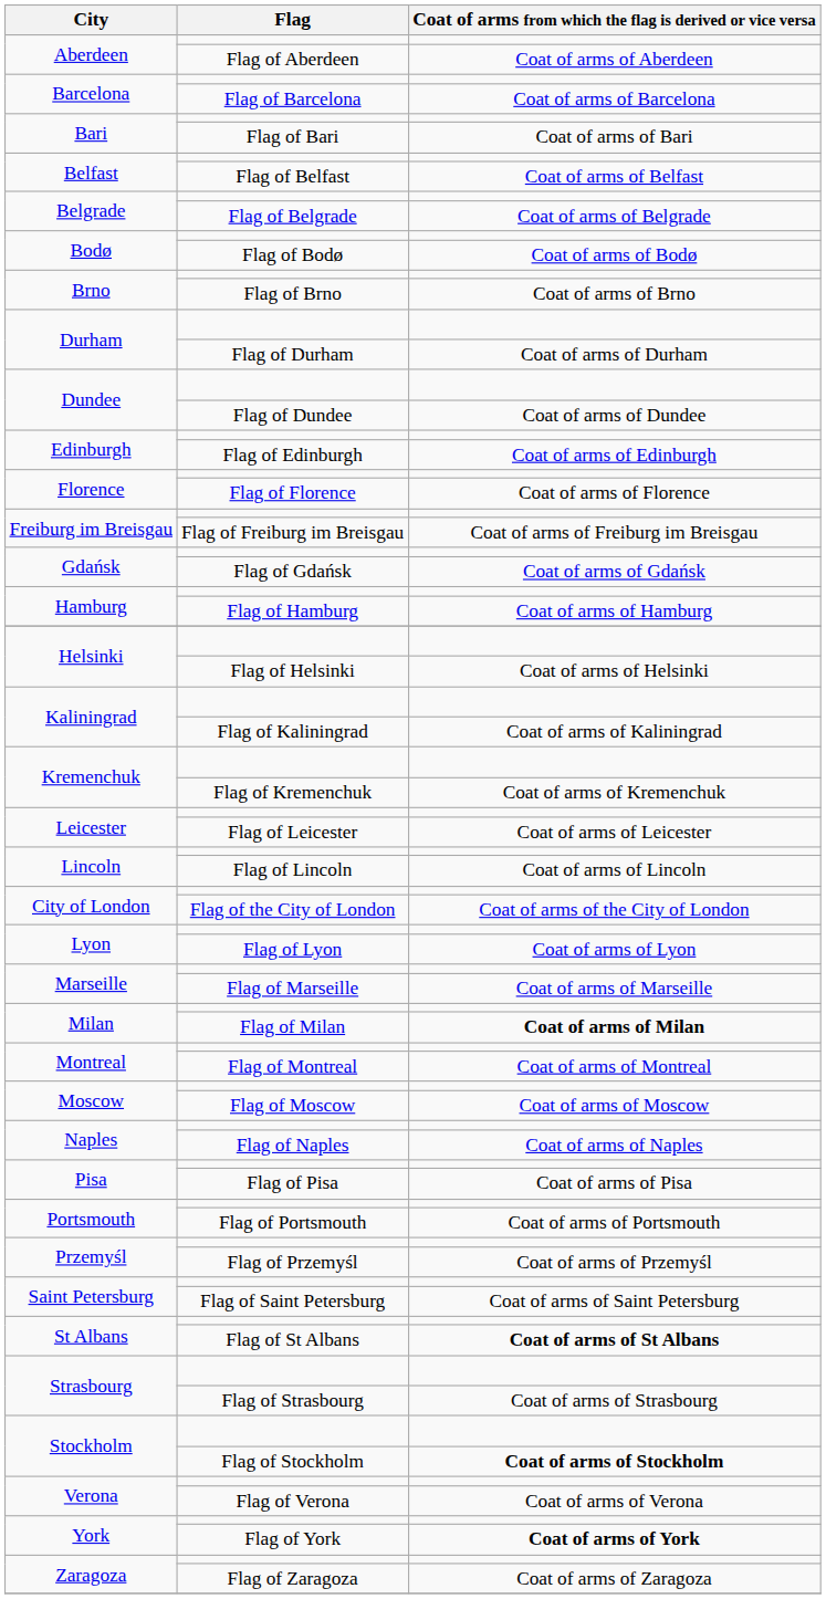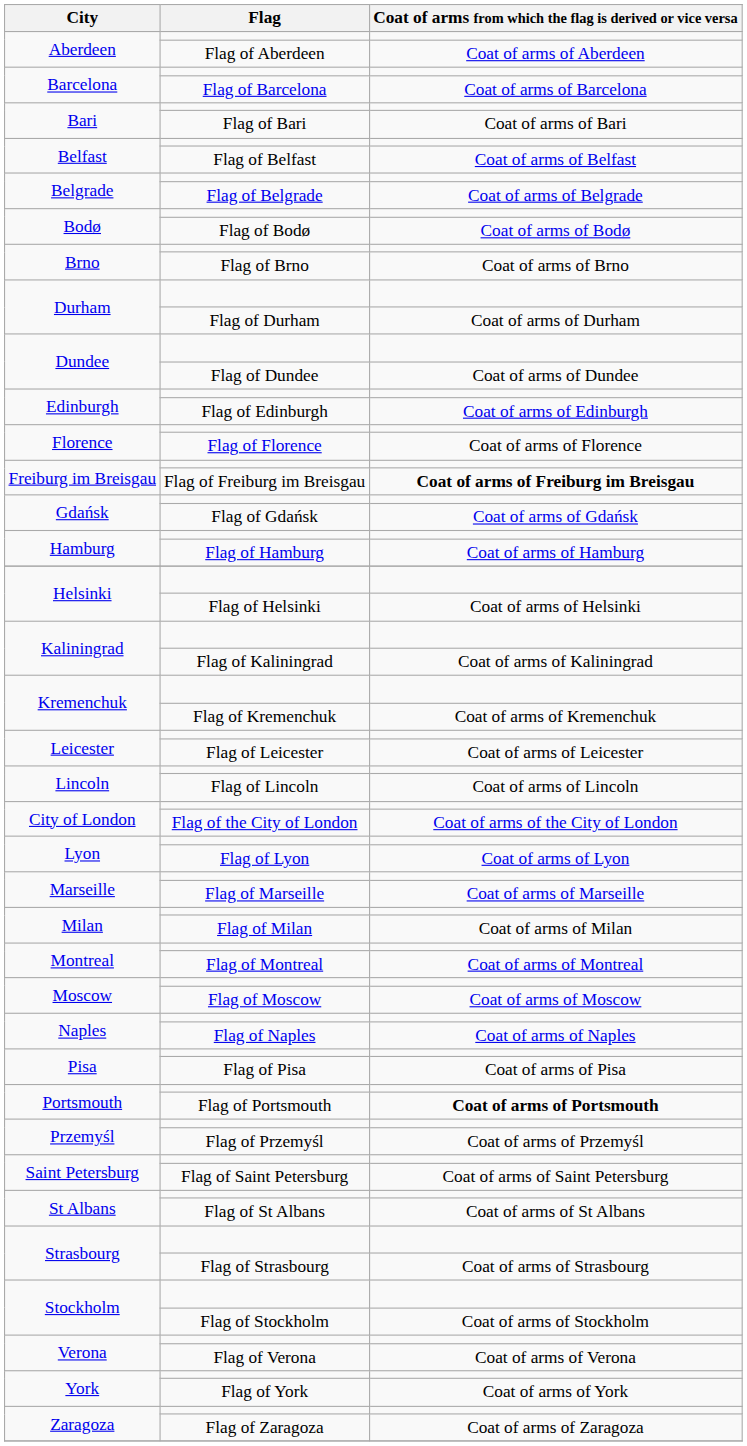 <table class="wikitable" style=text-align:center;>
 <tr>
 <th>City</th>
 <th>Flag</th>
 <th>Coat of arms <small>from which the flag is derived or vice versa</small></th>
 </tr>
 <tr>
 <td rowspan=2><a href='#'>Aberdeen</a></td>
 <td></td>
 <td></td>
 </tr>
 <tr>
 <td>Flag of Aberdeen</td>
 <td><a href='#'>Coat of arms of Aberdeen</a></td>
 </tr>
 <tr>
 <td rowspan=2><a href='#'>Barcelona</a></td>
 <td></td>
 <td></td>
 </tr>
 <tr>
 <td><a href='#'>Flag of Barcelona</a></td>
 <td><a href='#'>Coat of arms of Barcelona</a></td>
 </tr>
 <tr>
 <td rowspan=2><a href='#'>Bari</a></td>
 <td></td>
 <td></td>
 </tr>
 <tr>
 <td>Flag of Bari</td>
 <td>Coat of arms of Bari</td>
 </tr>
 <tr>
 <td rowspan=2><a href='#'>Belfast</a></td>
 <td></td>
 <td></td>
 </tr>
 <tr>
 <td>Flag of Belfast</td>
 <td><a href='#'>Coat of arms of Belfast</a></td>
 </tr>
 <tr>
 <td rowspan=2><a href='#'>Belgrade</a></td>
 <td></td>
 <td></td>
 </tr>
 <tr>
 <td><a href='#'>Flag of Belgrade</a></td>
 <td><a href='#'>Coat of arms of Belgrade</a></td>
 </tr>
 <tr>
 <td rowspan=2><a href='#'>Bodø</a></td>
 <td></td>
 <td></td>
 </tr>
 <tr>
 <td>Flag of Bodø</td>
 <td><a href='#'>Coat of arms of Bodø</a></td>
 </tr>
 <tr>
 <td rowspan=2><a href='#'>Brno</a></td>
 <td></td>
 <td></td>
 </tr>
 <tr>
 <td>Flag of Brno</td>
 <td>Coat of arms of Brno</td>
 </tr>
 <tr>
 <td rowspan=2><a href='#'>Durham</a></td>
 <td></td>
 <td><br></td>
 </tr>
 <tr>
 <td>Flag of Durham</td>
 <td>Coat of arms of Durham</td>
 </tr>
 <tr>
 <td rowspan=2><a href='#'>Dundee</a></td>
 <td></td>
 <td><br></td>
 </tr>
 <tr>
 <td>Flag of Dundee</td>
 <td>Coat of arms of Dundee</td>
 </tr>
 <tr>
 <td rowspan=2><a href='#'>Edinburgh</a></td>
 <td></td>
 <td></td>
 </tr>
 <tr>
 <td>Flag of Edinburgh</td>
 <td><a href='#'>Coat of arms of Edinburgh</a></td>
 </tr>
 <tr>
 <td rowspan=2><a href='#'>Florence</a></td>
 <td></td>
 <td></td>
 </tr>
 <tr>
 <td><a href='#'>Flag of Florence</a></td>
 <td>Coat of arms of Florence</td>
 </tr>
 <tr>
 <td rowspan=2><a href='#'>Freiburg im Breisgau</a></td>
 <td></td>
 <td></td>
 </tr>
 <tr>
 <td>Flag of Freiburg im Breisgau</td>
-<td>Coat of arms of Freiburg im Breisgau</td>
+<td><strong>Coat of arms of Freiburg im Breisgau</strong></td>
 </tr>
 <tr>
 <td rowspan=2><a href='#'>Gdańsk</a></td>
 <td></td>
 <td></td>
 </tr>
 <tr>
 <td>Flag of Gdańsk</td>
 <td><a href='#'>Coat of arms of Gdańsk</a></td>
 </tr>
 <tr>
 <td rowspan=2><a href='#'>Hamburg</a></td>
 <td></td>
 <td></td>
 </tr>
 <tr>
 <td><a href='#'>Flag of Hamburg</a></td>
 <td><a href='#'>Coat of arms of Hamburg</a></td>
 </tr>
 <tr>
 </tr>
 <tr>
 <td rowspan=2><a href='#'>Helsinki</a></td>
 <td></td>
 <td><br></td>
 </tr>
 <tr>
 <td>Flag of Helsinki</td>
 <td>Coat of arms of Helsinki</td>
 </tr>
 <tr>
 <td rowspan=2><a href='#'>Kaliningrad</a></td>
 <td></td>
 <td><br></td>
 </tr>
 <tr>
 <td>Flag of Kaliningrad</td>
 <td>Coat of arms of Kaliningrad</td>
 </tr>
 <tr>
 <td rowspan=2><a href='#'>Kremenchuk</a></td>
 <td></td>
 <td><br></td>
 </tr>
 <tr>
 <td>Flag of Kremenchuk</td>
 <td>Coat of arms of Kremenchuk</td>
 </tr>
 <tr>
 <td rowspan=2><a href='#'>Leicester</a></td>
 <td></td>
 <td></td>
 </tr>
 <tr>
 <td>Flag of Leicester</td>
 <td>Coat of arms of Leicester</td>
 </tr>
 <tr>
 <td rowspan=2><a href='#'>Lincoln</a></td>
 <td></td>
 <td></td>
 </tr>
 <tr>
 <td>Flag of Lincoln</td>
 <td>Coat of arms of Lincoln</td>
 </tr>
 <tr>
 <td rowspan=2><a href='#'>City of London</a></td>
 <td></td>
 <td></td>
 </tr>
 <tr>
 <td><a href='#'>Flag of the City of London</a></td>
 <td><a href='#'>Coat of arms of the City of London</a></td>
 </tr>
 <tr>
 <td rowspan=2><a href='#'>Lyon</a></td>
 <td></td>
 <td></td>
 </tr>
 <tr>
 <td><a href='#'>Flag of Lyon</a></td>
 <td><a href='#'>Coat of arms of Lyon</a></td>
 </tr>
 <tr>
 <td rowspan=2><a href='#'>Marseille</a></td>
 <td></td>
 <td></td>
 </tr>
 <tr>
 <td><a href='#'>Flag of Marseille</a></td>
 <td><a href='#'>Coat of arms of Marseille</a></td>
 </tr>
 <tr>
 <td rowspan=2><a href='#'>Milan</a></td>
 <td></td>
 <td></td>
 </tr>
 <tr>
 <td><a href='#'>Flag of Milan</a></td>
-<td><strong>Coat of arms of Milan</strong></td>
+<td>Coat of arms of Milan</td>
 </tr>
 <tr>
 <td rowspan=2><a href='#'>Montreal</a></td>
 <td></td>
 <td></td>
 </tr>
 <tr>
 <td><a href='#'>Flag of Montreal</a></td>
 <td><a href='#'>Coat of arms of Montreal</a></td>
 </tr>
 <tr>
 <td rowspan=2><a href='#'>Moscow</a></td>
 <td></td>
 <td></td>
 </tr>
 <tr>
 <td><a href='#'>Flag of Moscow</a></td>
 <td><a href='#'>Coat of arms of Moscow</a></td>
 </tr>
 <tr>
 <td rowspan=2><a href='#'>Naples</a></td>
 <td></td>
 <td></td>
 </tr>
 <tr>
 <td><a href='#'>Flag of Naples</a></td>
 <td><a href='#'>Coat of arms of Naples</a></td>
 </tr>
 <tr>
 <td rowspan=2><a href='#'>Pisa</a></td>
 <td></td>
 <td></td>
 </tr>
 <tr>
 <td>Flag of Pisa</td>
 <td>Coat of arms of Pisa</td>
 </tr>
 <tr>
 <td rowspan=2><a href='#'>Portsmouth</a></td>
 <td></td>
 <td></td>
 </tr>
 <tr>
 <td>Flag of Portsmouth</td>
-<td>Coat of arms of Portsmouth</td>
+<td><strong>Coat of arms of Portsmouth</strong></td>
 </tr>
 <tr>
 <td rowspan="2"><a href='#'>Przemyśl</a></td>
 <td></td>
 <td></td>
 </tr>
 <tr>
 <td>Flag of Przemyśl</td>
 <td>Coat of arms of Przemyśl</td>
 </tr>
 <tr>
 <td rowspan=2><a href='#'>Saint Petersburg</a></td>
 <td></td>
 <td></td>
 </tr>
 <tr>
 <td>Flag of Saint Petersburg</td>
 <td>Coat of arms of Saint Petersburg</td>
 </tr>
 <tr>
 <td rowspan=2><a href='#'>St Albans</a></td>
 <td></td>
 <td></td>
 </tr>
 <tr>
 <td>Flag of St Albans</td>
-<td><strong>Coat of arms of St Albans</strong></td>
+<td>Coat of arms of St Albans</td>
 </tr>
 <tr>
 <td rowspan=2><a href='#'>Strasbourg</a></td>
 <td></td>
 <td><br></td>
 </tr>
 <tr>
 <td>Flag of Strasbourg</td>
 <td>Coat of arms of Strasbourg</td>
 </tr>
 <tr>
 <td rowspan=2><a href='#'>Stockholm</a></td>
 <td></td>
 <td><br></td>
 </tr>
 <tr>
 <td>Flag of Stockholm</td>
-<td><strong>Coat of arms of Stockholm</strong></td>
+<td>Coat of arms of Stockholm</td>
 </tr>
 <tr>
 <td rowspan=2><a href='#'>Verona</a></td>
 <td></td>
 <td></td>
 </tr>
 <tr>
 <td>Flag of Verona</td>
 <td>Coat of arms of Verona</td>
 </tr>
 <tr>
 <td rowspan=2><a href='#'>York</a></td>
 <td></td>
 <td></td>
 </tr>
 <tr>
 <td>Flag of York</td>
-<td><strong>Coat of arms of York</strong></td>
+<td>Coat of arms of York</td>
 </tr>
 <tr>
 <td rowspan=2><a href='#'>Zaragoza</a></td>
 <td></td>
 <td></td>
 </tr>
 <tr>
 <td>Flag of Zaragoza</td>
 <td>Coat of arms of Zaragoza</td>
 </tr>
 <tr>
 </tr>
 </table>
